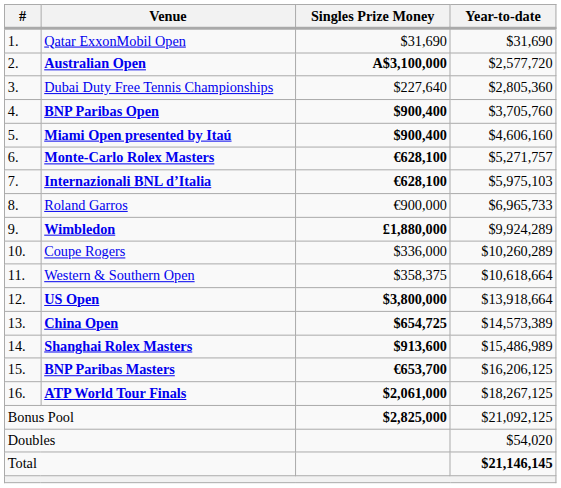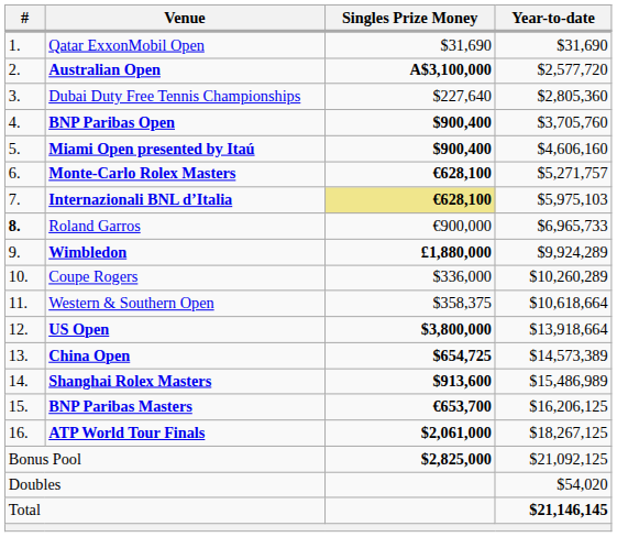 <table class="wikitable" style="font-size:90%">
 <tr>
 <th style="width:30px;">#</th>
 <th style="width:250px;">Venue</th>
 <th style="width:150px;">Singles Prize Money</th>
 <th style="width:100px;">Year-to-date</th>
 </tr>
 <tr style="text-align:center; border-bottom:3px solid darkgrey">
 </tr>
 <tr>
 <td>1.</td>
 <td><a href='#'>Qatar ExxonMobil Open</a></td>
 <td style="text-align:right;">$31,690</td>
 <td style="text-align:right;">$31,690</td>
 </tr>
 <tr>
 <td>2.</td>
 <td><strong><a href='#'>Australian Open</a></strong></td>
 <td style="text-align:right;"><strong>A$3,100,000</strong></td>
 <td style="text-align:right;">$2,577,720</td>
 </tr>
 <tr>
 <td>3.</td>
 <td><a href='#'>Dubai Duty Free Tennis Championships</a></td>
 <td style="text-align:right;">$227,640</td>
 <td style="text-align:right;">$2,805,360</td>
 </tr>
 <tr>
 <td>4.</td>
 <td><strong><a href='#'>BNP Paribas Open</a></strong></td>
 <td style="text-align:right;"><strong>$900,400</strong></td>
 <td style="text-align:right;">$3,705,760</td>
 </tr>
 <tr>
 <td>5.</td>
 <td><strong><a href='#'>Miami Open presented by Itaú</a></strong></td>
 <td style="text-align:right;"><strong>$900,400</strong></td>
 <td style="text-align:right;">$4,606,160</td>
 </tr>
 <tr>
 <td>6.</td>
 <td><strong><a href='#'>Monte-Carlo Rolex Masters</a></strong></td>
 <td style="text-align:right;"><strong>€628,100</strong></td>
 <td style="text-align:right;">$5,271,757</td>
 </tr>
 <tr>
 <td>7.</td>
 <td><strong><a href='#'>Internazionali BNL d’Italia</a></strong></td>
-<td style="text-align:right;"><strong>€628,100</strong></td>
+<td style="background: khaki; text-align:right;"><strong>€628,100</strong></td>
 <td style="text-align:right;">$5,975,103</td>
 </tr>
 <tr>
-<td>8.</td>
+<td><strong>8.</strong></td>
 <td><a href='#'>Roland Garros</a></td>
 <td style="text-align:right;">€900,000</td>
 <td style="text-align:right;">$6,965,733</td>
 </tr>
 <tr>
 <td>9.</td>
 <td><strong><a href='#'>Wimbledon</a></strong></td>
 <td style="text-align:right;"><strong>£1,880,000</strong></td>
 <td style="text-align:right;">$9,924,289</td>
 </tr>
 <tr>
 <td>10.</td>
 <td><a href='#'>Coupe Rogers</a></td>
 <td style="text-align:right;">$336,000</td>
 <td style="text-align:right;">$10,260,289</td>
 </tr>
 <tr>
 <td>11.</td>
 <td><a href='#'>Western & Southern Open</a></td>
 <td style="text-align:right;">$358,375</td>
 <td style="text-align:right;">$10,618,664</td>
 </tr>
 <tr>
 <td>12.</td>
 <td><strong><a href='#'>US Open</a></strong></td>
 <td style="text-align:right;"><strong>$3,800,000</strong></td>
 <td style="text-align:right;">$13,918,664</td>
 </tr>
 <tr>
 <td>13.</td>
 <td><strong><a href='#'>China Open</a></strong></td>
 <td style="text-align:right;"><strong>$654,725</strong></td>
 <td style="text-align:right;">$14,573,389</td>
 </tr>
 <tr>
 <td>14.</td>
 <td><strong><a href='#'>Shanghai Rolex Masters</a></strong></td>
 <td style="text-align:right;"><strong>$913,600</strong></td>
 <td style="text-align:right;">$15,486,989</td>
 </tr>
 <tr>
 <td>15.</td>
 <td><strong><a href='#'>BNP Paribas Masters</a></strong></td>
 <td style="text-align:right;"><strong>€653,700</strong></td>
 <td style="text-align:right;">$16,206,125</td>
 </tr>
 <tr>
 <td>16.</td>
 <td><strong><a href='#'>ATP World Tour Finals</a></strong></td>
 <td style="text-align:right;"><strong>$2,061,000</strong></td>
 <td style="text-align:right;">$18,267,125</td>
 </tr>
 <tr>
 <td colspan=2>Bonus Pool</td>
 <td style="text-align:right;"><strong>$2,825,000</strong></td>
 <td style="text-align:right;">$21,092,125</td>
 </tr>
 <tr>
 <td colspan=2>Doubles</td>
 <td style="text-align:right;"></td>
 <td style="text-align:right;">$54,020</td>
 </tr>
 <tr>
 <td colspan=2>Total</td>
 <td style="text-align:right;"></td>
 <td style="text-align:right;"><strong>$21,146,145</strong></td>
 </tr>
 <tr>
 <th colspan=9></th>
 </tr>
 </table>
